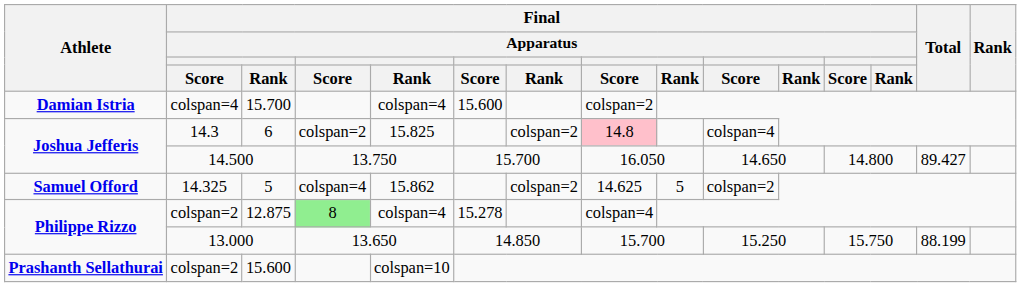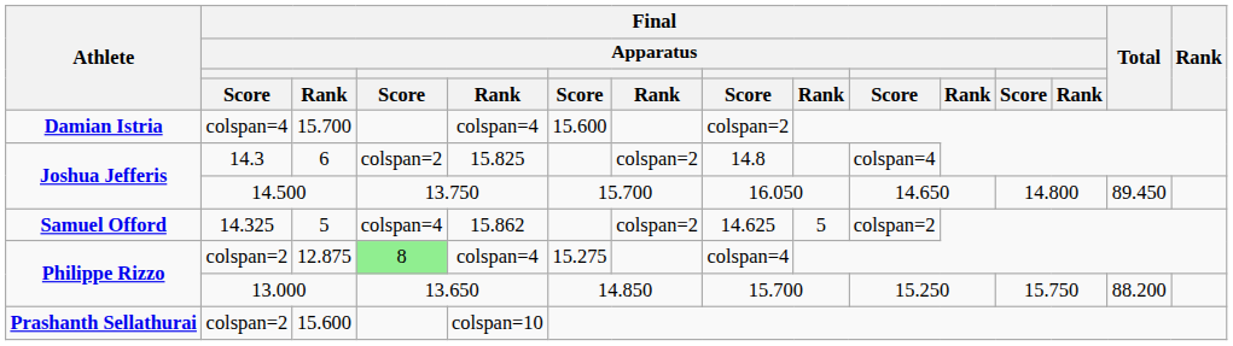 <table class="wikitable" style="font-size:90%;text-align:center">
 <tr>
 <th Rowspan=4>Athlete</th>
 <th colspan=12>Final</th>
 <th rowspan=4>Total</th>
 <th rowspan=4>Rank</th>
 </tr>
 <tr style="font-size:95%">
 <th colspan="12">Apparatus</th>
 </tr>
 <tr style="font-size:95%">
 <th colspan=2></th>
 <th colspan=2></th>
 <th colspan=2></th>
 <th colspan=2></th>
 <th colspan=2></th>
 <th colspan=2></th>
 </tr>
 <tr>
 <th>Score</th>
 <th>Rank</th>
 <th>Score</th>
 <th>Rank</th>
 <th>Score</th>
 <th>Rank</th>
 <th>Score</th>
 <th>Rank</th>
 <th>Score</th>
 <th>Rank</th>
 <th>Score</th>
 <th>Rank</th>
 </tr>
 <tr>
 <td><strong><a href='#'>Damian Istria</a></strong></td>
 <td>colspan=4 </td>
 <td>15.700</td>
 <td></td>
 <td>colspan=4 </td>
 <td>15.600</td>
 <td></td>
 <td>colspan=2 </td>
 </tr>
 <tr>
 <td rowspan=2><strong><a href='#'>Joshua Jefferis</a></strong></td>
 <td>14.3</td>
 <td>6</td>
 <td>colspan=2 </td>
 <td>15.825</td>
 <td></td>
 <td>colspan=2 </td>
-<td style="background: pink;">14.8</td>
+<td>14.8</td>
 <td></td>
 <td>colspan=4 </td>
 </tr>
 <tr>
 <td colspan=2>14.500</td>
 <td colspan=2>13.750</td>
 <td colspan=2>15.700</td>
 <td colspan=2>16.050</td>
 <td colspan=2>14.650</td>
 <td colspan=2>14.800</td>
-<td>89.427</td>
+<td>89.450</td>
 <td></td>
 </tr>
 <tr>
 <td><strong><a href='#'>Samuel Offord</a></strong></td>
 <td>14.325</td>
 <td>5</td>
 <td>colspan=4 </td>
 <td>15.862</td>
 <td></td>
 <td>colspan=2 </td>
 <td>14.625</td>
 <td>5</td>
 <td>colspan=2 </td>
 </tr>
 <tr>
 <td rowspan=2><strong><a href='#'>Philippe Rizzo</a></strong></td>
 <td>colspan=2 </td>
 <td>12.875</td>
 <td style="background: lightgreen;">8</td>
 <td>colspan=4 </td>
-<td>15.278</td>
+<td>15.275</td>
 <td></td>
 <td>colspan=4 </td>
 </tr>
 <tr>
 <td colspan=2>13.000</td>
 <td colspan=2>13.650</td>
 <td colspan=2>14.850</td>
 <td colspan=2>15.700</td>
 <td colspan=2>15.250</td>
 <td colspan=2>15.750</td>
-<td>88.199</td>
+<td>88.200</td>
 <td></td>
 </tr>
 <tr>
 <td><strong><a href='#'>Prashanth Sellathurai</a></strong></td>
 <td>colspan=2 </td>
 <td>15.600</td>
 <td></td>
 <td>colspan=10 </td>
 </tr>
 </table>
